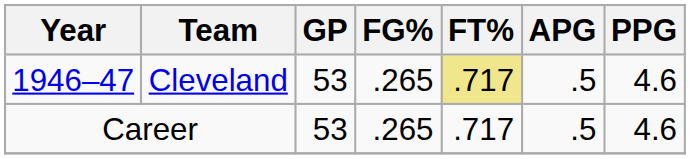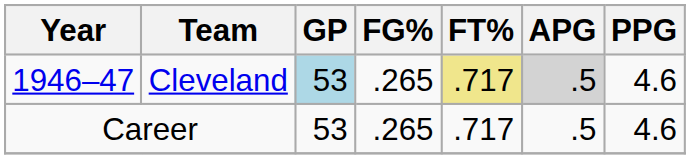 <table class="wikitable sortable" style="font-size:95%; text-align:right;">
 <tr>
 <th>Year</th>
 <th>Team</th>
 <th>GP</th>
 <th>FG%</th>
 <th>FT%</th>
 <th>APG</th>
 <th>PPG</th>
 </tr>
 <tr>
 <td style="text-align:left;"><a href='#'>1946–47</a></td>
 <td style="text-align:left;"><a href='#'>Cleveland</a></td>
-<td>53</td>
+<td style="background: lightblue;">53</td>
 <td>.265</td>
 <td style="background: khaki;">.717</td>
-<td>.5</td>
+<td style="background: lightgrey;">.5</td>
 <td>4.6</td>
 </tr>
 <tr>
 <td style="text-align:center;" colspan="2">Career</td>
 <td>53</td>
 <td>.265</td>
 <td>.717</td>
 <td>.5</td>
 <td>4.6</td>
 </tr>
 <tr>
 </tr>
 </table>
